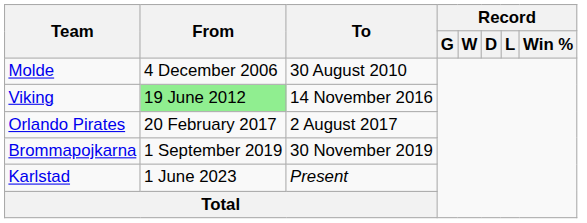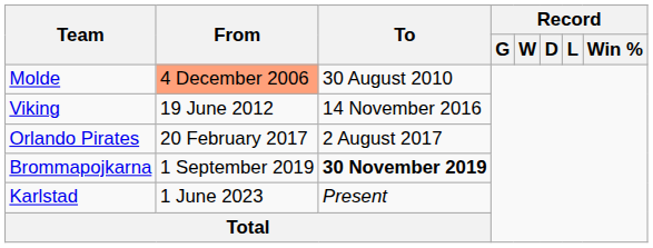 <table class="wikitable" style="text-align: center">
 <tr>
 <th rowspan="2">Team</th>
 <th rowspan="2">From</th>
 <th rowspan="2">To</th>
 <th colspan="5">Record</th>
 </tr>
 <tr>
 <th>G</th>
 <th>W</th>
 <th>D</th>
 <th>L</th>
 <th>Win %</th>
 </tr>
 <tr>
 <td align=left><a href='#'>Molde</a></td>
-<td align=left>4 December 2006</td>
+<td align=left style="background: lightsalmon;">4 December 2006</td>
 <td align=left>30 August 2010<br></td>
 </tr>
 <tr>
 <td align=left><a href='#'>Viking</a></td>
-<td align=left style="background: lightgreen;">19 June 2012</td>
+<td align=left>19 June 2012</td>
 <td align=left>14 November 2016<br></td>
 </tr>
 <tr>
 <td align=left><a href='#'>Orlando Pirates</a></td>
 <td align=left>20 February 2017</td>
 <td align=left>2 August 2017<br></td>
 </tr>
 <tr>
 <td align=left><a href='#'>Brommapojkarna</a></td>
 <td align=left>1 September 2019</td>
-<td align=left>30 November 2019<br></td>
+<td align=left><strong>30 November 2019<br></strong></td>
 </tr>
 <tr>
 <td align=left><a href='#'>Karlstad</a></td>
 <td align=left>1 June 2023</td>
 <td align=left><em>Present</em><br></td>
 </tr>
 <tr>
 <th colspan="3">Total<br></th>
 </tr>
 </table>
